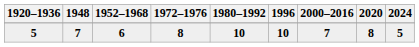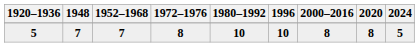 <table class="wikitable sticky-header" style="text-align:center">
 <tr>
 <th scope="col">1920–1936</th>
 <th scope="col">1948</th>
 <th scope="col">1952–1968</th>
 <th scope="col">1972–1976</th>
 <th scope="col">1980–1992</th>
 <th scope="col">1996</th>
 <th scope="col">2000–2016</th>
 <th scope="col">2020</th>
 <th scope="col">2024</th>
 </tr>
 <tr>
 </tr>
 <tr>
 </tr>
 <tr>
 </tr>
 <tr>
 </tr>
 <tr>
 </tr>
 <tr>
 </tr>
 <tr>
 </tr>
 <tr>
 </tr>
 <tr>
 </tr>
 <tr>
 </tr>
 <tr>
 </tr>
 <tr>
 </tr>
 <tr>
 </tr>
 <tr>
 </tr>
 <tr>
 </tr>
 <tr>
 </tr>
 <tr>
 </tr>
 <tr>
 </tr>
 <tr>
 </tr>
 <tr>
 </tr>
 <tr>
 </tr>
 <tr>
 </tr>
 <tr>
 </tr>
 <tr>
 </tr>
 <tr>
 </tr>
 <tr>
 </tr>
 <tr>
 </tr>
 <tr>
 </tr>
 <tr>
 </tr>
 <tr>
 </tr>
 <tr>
 </tr>
 <tr>
 </tr>
 <tr>
 </tr>
 <tr style="background:#efefef; font-weight:bold;">
 <td>5</td>
 <td>7</td>
-<td>6</td>
+<td>7</td>
 <td>8</td>
 <td>10</td>
 <td>10</td>
-<td>7</td>
+<td>8</td>
 <td>8</td>
 <td>5</td>
 </tr>
 </table>
